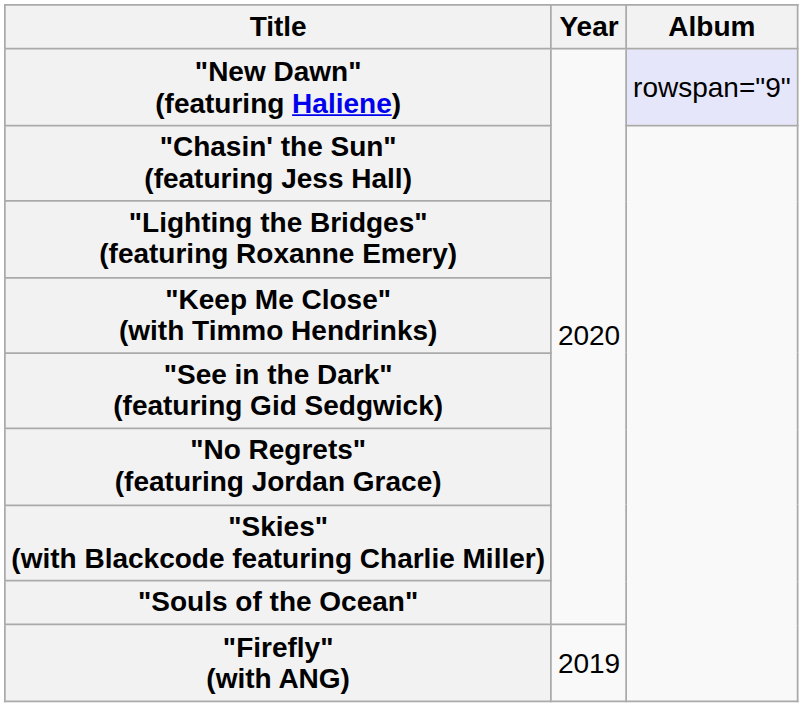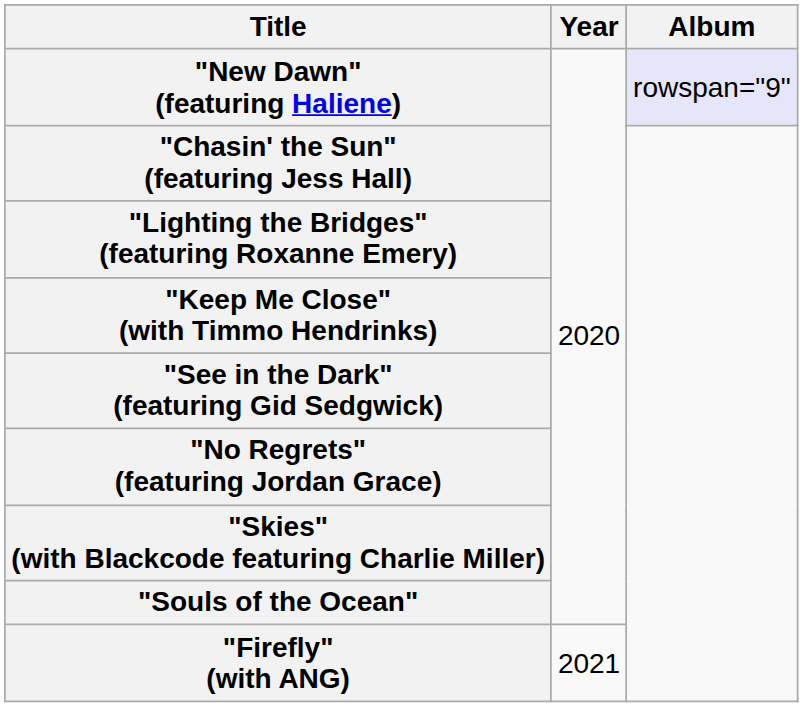 <table class="wikitable plainrowheaders" style="text-align:center;" border="1">
 <tr>
 <th scope="col">Title</th>
 <th scope="col" style="width:2em;">Year</th>
 <th scope="col">Album</th>
 </tr>
 <tr>
 <th scope="row">"New Dawn" <br><span>(featuring <a href='#'>Haliene</a>)</span></th>
 <td rowspan="8">2020</td>
 <td style="background: lavender;">rowspan="9" </td>
 </tr>
 <tr>
 <th scope="row">"Chasin' the Sun" <br><span>(featuring Jess Hall)</span></th>
 </tr>
 <tr>
 <th scope="row">"Lighting the Bridges" <br><span>(featuring Roxanne Emery)</span></th>
 </tr>
 <tr>
 <th scope="row">"Keep Me Close" <br><span>(with Timmo Hendrinks)</span></th>
 </tr>
 <tr>
 <th scope="row">"See in the Dark" <br><span>(featuring Gid Sedgwick)</span></th>
 </tr>
 <tr>
 <th scope="row">"No Regrets" <br><span>(featuring Jordan Grace)</span></th>
 </tr>
 <tr>
 <th scope="row">"Skies" <br><span>(with Blackcode featuring Charlie Miller)</span></th>
 </tr>
 <tr>
 <th scope="row">"Souls of the Ocean"</th>
 </tr>
 <tr>
 <th scope="row">"Firefly" <br><span>(with ANG)</span></th>
-<td>2019</td>
+<td>2021</td>
 </tr>
 </table>
